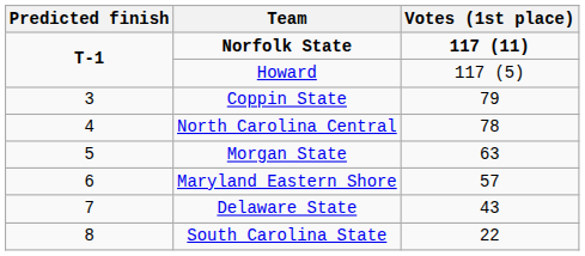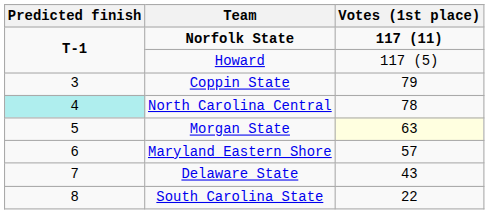 <table class="wikitable" border="1">
 <tr align=center>
 <th>Predicted finish</th>
 <th>Team</th>
 <th>Votes (1st place)</th>
 </tr>
 <tr align="center">
 <td rowspan=2><strong>T-1</strong></td>
 <td><strong>Norfolk State</strong></td>
 <td><strong>117 (11)</strong></td>
 </tr>
 <tr align="center">
 <td><a href='#'>Howard</a></td>
 <td>117 (5)</td>
 </tr>
 <tr align="center">
 <td>3</td>
 <td><a href='#'>Coppin State</a></td>
 <td>79</td>
 </tr>
 <tr align="center">
-<td>4</td>
+<td style="background: paleturquoise;">4</td>
 <td><a href='#'>North Carolina Central</a></td>
 <td>78</td>
 </tr>
 <tr align="center">
 <td>5</td>
 <td><a href='#'>Morgan State</a></td>
-<td>63</td>
+<td style="background: lightyellow;">63</td>
 </tr>
 <tr align="center">
 <td>6</td>
 <td><a href='#'>Maryland Eastern Shore</a></td>
 <td>57</td>
 </tr>
 <tr align="center">
 <td>7</td>
 <td><a href='#'>Delaware State</a></td>
 <td>43</td>
 </tr>
 <tr align="center">
 <td>8</td>
 <td><a href='#'>South Carolina State</a></td>
 <td>22</td>
 </tr>
 </table>
